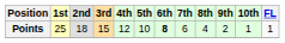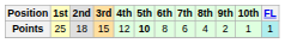 <table class="wikitable" style="font-size: 85%;">
 <tr>
 <th>Position</th>
 <th style="background-color:#ffffbf" align="center"><strong>1st</strong></th>
 <th style="background-color:#dfdfdf" align="center"><strong>2nd</strong></th>
 <th style="background-color:#ffdf9f" align="center"><strong>3rd</strong></th>
 <th style="background-color:#dfffdf" align="center"><strong>4th</strong></th>
 <th style="background-color:#dfffdf" align="center"><strong>5th</strong></th>
 <th style="background-color:#dfffdf" align="center"><strong>6th</strong></th>
 <th style="background-color:#dfffdf" align="center"><strong>7th</strong></th>
 <th style="background-color:#dfffdf" align="center"><strong>8th</strong></th>
 <th style="background-color:#dfffdf" align="center"><strong>9th</strong></th>
 <th style="background-color:#dfffdf" align="center"><strong>10th</strong></th>
 <th align="center"><a href='#'>FL</a></th>
 </tr>
 <tr>
 <th>Points</th>
 <td style="background-color:#ffffbf" align="center">25</td>
 <td style="background-color:#dfdfdf" align="center">18</td>
 <td style="background-color:#ffdf9f" align="center">15</td>
 <td style="background-color:#dfffdf" align="center">12</td>
-<td style="background-color:#dfffdf" align="center">10</td>
-<td style="background-color:#dfffdf" align="center"><strong>8</strong></td>
+<td style="background-color:#dfffdf" align="center"><strong>10</strong></td>
+<td style="background-color:#dfffdf" align="center">8</td>
 <td style="background-color:#dfffdf" align="center">6</td>
 <td style="background-color:#dfffdf" align="center">4</td>
 <td style="background-color:#dfffdf" align="center">2</td>
 <td style="background-color:#dfffdf" align="center">1</td>
-<td align="center">1</td>
+<td align="center" style="background: paleturquoise;">1</td>
 </tr>
 <tr>
 </tr>
 </table>
